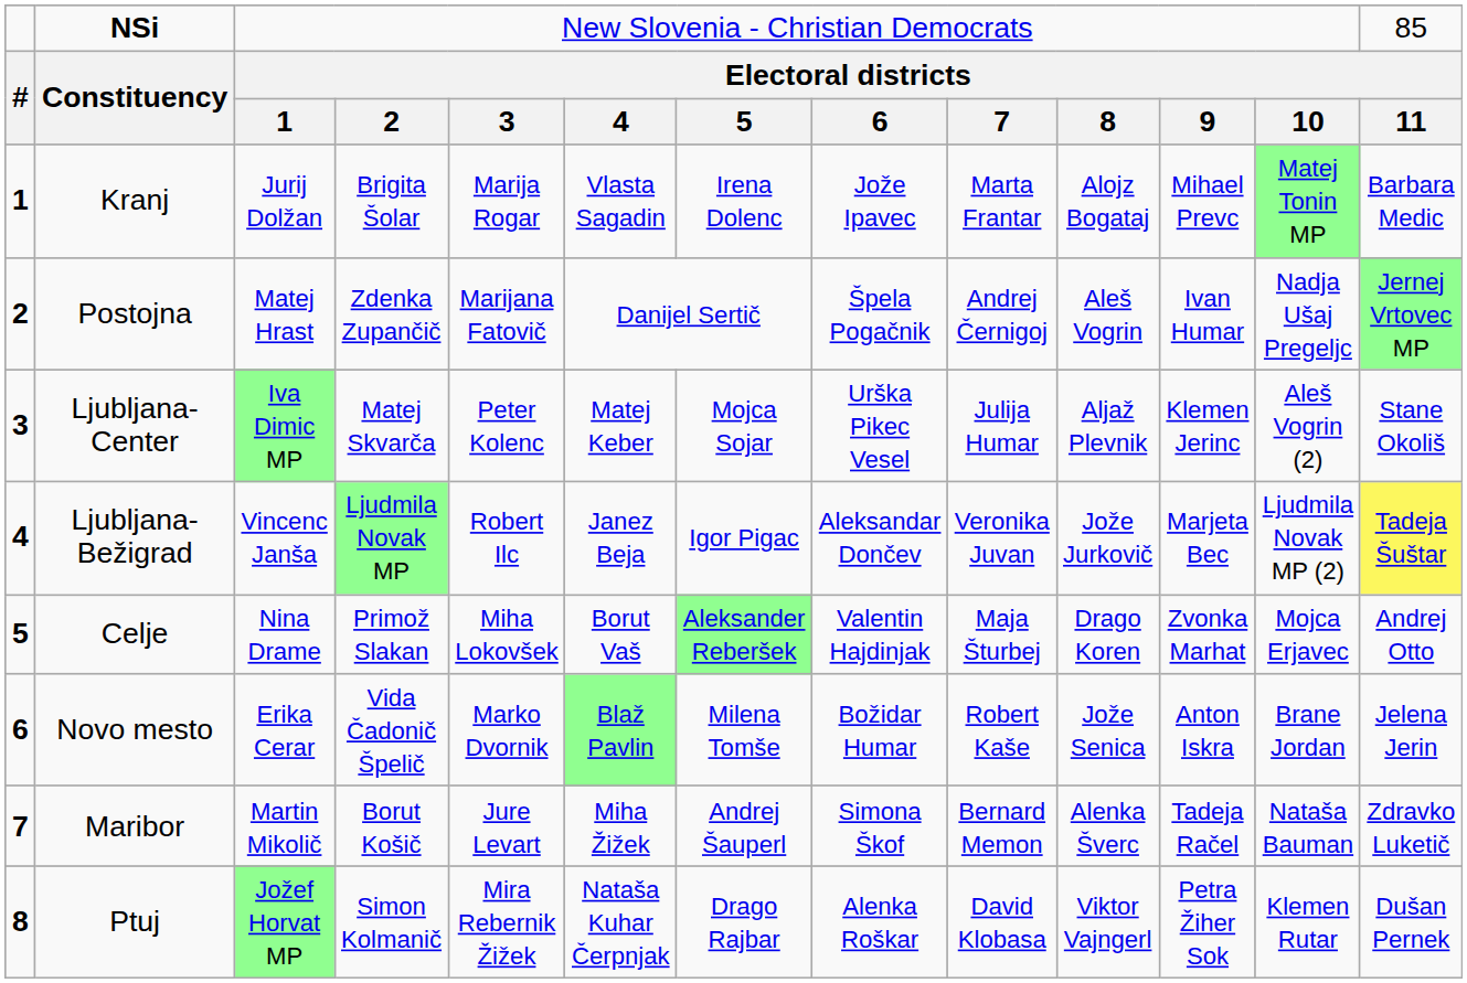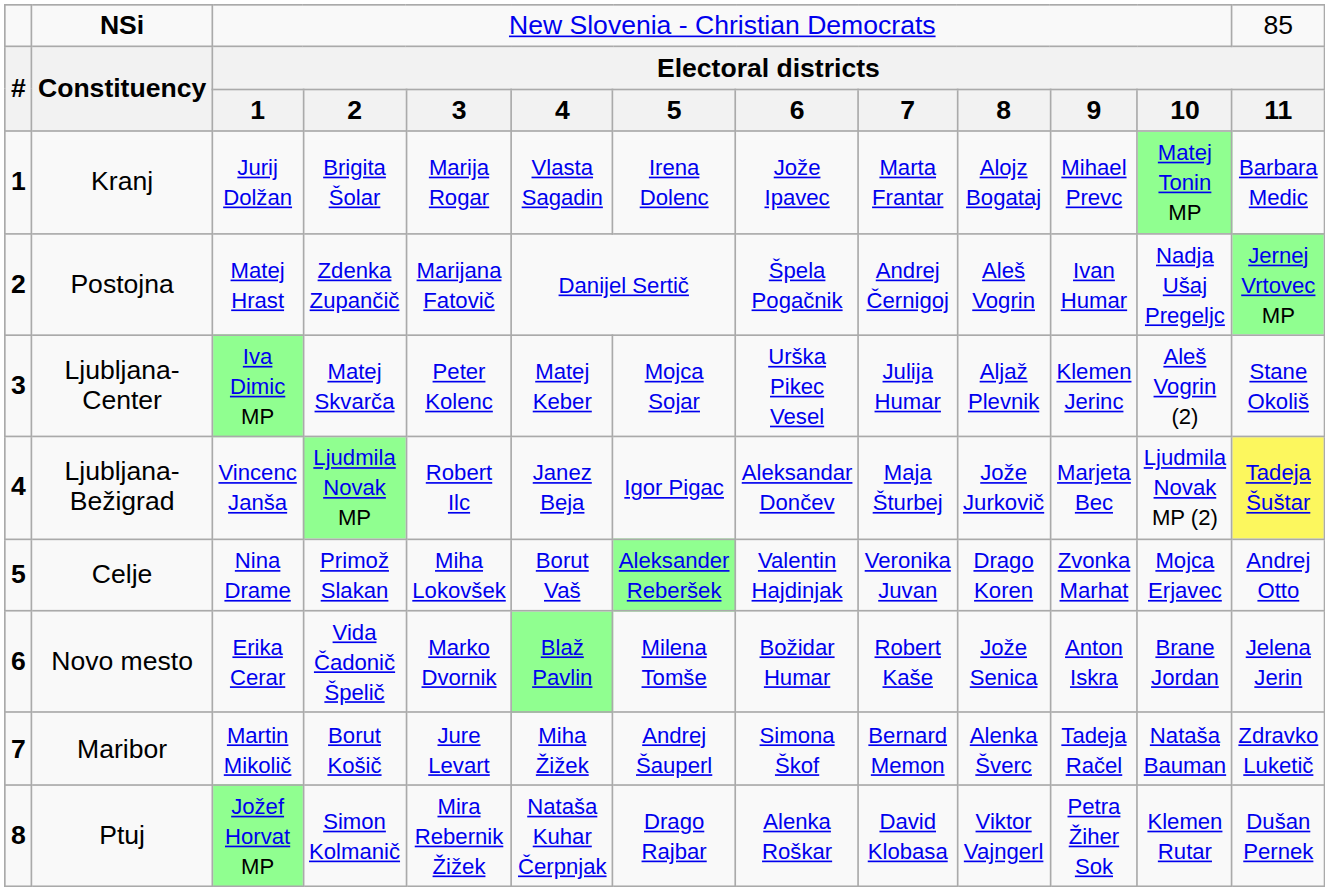 <table class="wikitable" style="text-align: center;">
 <tr>
 <td style="background:"></td>
 <td><strong>NSi</strong></td>
 <td colspan="10"><a href='#'>New Slovenia - Christian Democrats</a><br></td>
 <td>85<br></td>
 </tr>
 <tr>
 <th rowspan="2">#</th>
 <th rowspan="2">Constituency</th>
 <th colspan="11">Electoral districts</th>
 </tr>
 <tr>
 <th>1</th>
 <th>2</th>
 <th>3</th>
 <th>4</th>
 <th>5</th>
 <th>6</th>
 <th>7</th>
 <th>8</th>
 <th>9</th>
 <th>10</th>
 <th>11</th>
 </tr>
 <tr>
 <td style="text-align:center;"><strong>1</strong></td>
 <td>Kranj</td>
 <td><a href='#'><small>Jurij Dolžan</small></a></td>
 <td><a href='#'><small>Brigita Šolar</small></a></td>
 <td><a href='#'><small>Marija Rogar</small></a></td>
 <td><a href='#'><small>Vlasta Sagadin</small></a></td>
 <td><a href='#'><small>Irena Dolenc</small></a></td>
 <td><a href='#'><small>Jože Ipavec</small></a></td>
 <td><a href='#'><small>Marta Frantar</small></a></td>
 <td><a href='#'><small>Alojz Bogataj</small></a></td>
 <td><a href='#'><small>Mihael Prevc</small></a></td>
 <td style="background:#90FF90;"><small><a href='#'>Matej Tonin</a> MP</small></td>
 <td><a href='#'><small>Barbara Medic</small></a></td>
 </tr>
 <tr>
 <td style="text-align:center;"><strong>2</strong></td>
 <td>Postojna</td>
 <td><a href='#'><small>Matej Hrast</small></a></td>
 <td><a href='#'><small>Zdenka Zupančič</small></a></td>
 <td><a href='#'><small>Marijana Fatovič</small></a></td>
 <td colspan="2"><a href='#'><small>Danijel Sertič</small></a></td>
 <td><a href='#'><small>Špela Pogačnik</small></a></td>
 <td><a href='#'><small>Andrej Černigoj</small></a></td>
 <td><a href='#'><small>Aleš Vogrin</small></a></td>
 <td><a href='#'><small>Ivan Humar</small></a></td>
 <td><a href='#'><small>Nadja Ušaj Pregeljc</small></a></td>
 <td style="background:#90FF90;"><small><a href='#'>Jernej Vrtovec</a> MP</small></td>
 </tr>
 <tr>
 <td style="text-align:center;"><strong>3</strong></td>
 <td>Ljubljana-Center</td>
 <td style="background:#90FF90;"><small><a href='#'>Iva Dimic</a> MP</small></td>
 <td><a href='#'><small>Matej Skvarča</small></a></td>
 <td><a href='#'><small>Peter Kolenc</small></a></td>
 <td><a href='#'><small>Matej Keber</small></a></td>
 <td><a href='#'><small>Mojca Sojar</small></a></td>
 <td><a href='#'><small>Urška Pikec Vesel</small></a></td>
 <td><a href='#'><small>Julija Humar</small></a></td>
 <td><a href='#'><small>Aljaž Plevnik</small></a></td>
 <td><a href='#'><small>Klemen Jerinc</small></a></td>
 <td><a href='#'><small>Aleš Vogrin</small></a> <small>(2)</small></td>
 <td><a href='#'><small>Stane Okoliš</small></a></td>
 </tr>
 <tr>
 <td style="text-align:center;"><strong>4</strong></td>
 <td>Ljubljana-Bežigrad</td>
 <td><a href='#'><small>Vincenc Janša</small></a></td>
 <td style="background:#90FF90;"><small><a href='#'>Ljudmila Novak</a> MP</small></td>
 <td><a href='#'><small>Robert Ilc</small></a></td>
 <td><a href='#'><small>Janez Beja</small></a></td>
 <td><a href='#'><small>Igor Pigac</small></a></td>
 <td><a href='#'><small>Aleksandar Dončev</small></a></td>
-<td><a href='#'><small>Veronika Juvan</small></a></td>
+<td><a href='#'><small>Maja Šturbej</small></a></td>
 <td><a href='#'><small>Jože Jurkovič</small></a></td>
 <td><a href='#'><small>Marjeta Bec</small></a></td>
 <td><small><a href='#'>Ljudmila Novak</a> MP (2)</small></td>
 <td style="background:#FCF75E;"><a href='#'><small>Tadeja Šuštar</small></a></td>
 </tr>
 <tr>
 <td style="text-align:center;"><strong>5</strong></td>
 <td>Celje</td>
 <td><a href='#'><small>Nina Drame</small></a></td>
 <td><a href='#'><small>Primož Slakan</small></a></td>
 <td><a href='#'><small>Miha Lokovšek</small></a></td>
 <td><a href='#'><small>Borut Vaš</small></a></td>
 <td style="background:#90FF90;"><a href='#'><small>Aleksander Reberšek</small></a></td>
 <td><a href='#'><small>Valentin Hajdinjak</small></a></td>
-<td><a href='#'><small>Maja Šturbej</small></a></td>
+<td><a href='#'><small>Veronika Juvan</small></a></td>
 <td><a href='#'><small>Drago Koren</small></a></td>
 <td><a href='#'><small>Zvonka Marhat</small></a></td>
 <td><a href='#'><small>Mojca Erjavec</small></a></td>
 <td><a href='#'><small>Andrej Otto</small></a></td>
 </tr>
 <tr>
 <td style="text-align:center;"><strong>6</strong></td>
 <td>Novo mesto</td>
 <td><a href='#'><small>Erika Cerar</small></a></td>
 <td><a href='#'><small>Vida Čadonič Špelič</small></a></td>
 <td><a href='#'><small>Marko Dvornik</small></a></td>
 <td style="background:#90FF90;"><a href='#'><small>Blaž Pavlin</small></a></td>
 <td><a href='#'><small>Milena Tomše</small></a></td>
 <td><a href='#'><small>Božidar Humar</small></a></td>
 <td><a href='#'><small>Robert Kaše</small></a></td>
 <td><a href='#'><small>Jože Senica</small></a></td>
 <td><a href='#'><small>Anton Iskra</small></a></td>
 <td><a href='#'><small>Brane Jordan</small></a></td>
 <td><a href='#'><small>Jelena Jerin</small></a></td>
 </tr>
 <tr>
 <td style="text-align:center;"><strong>7</strong></td>
 <td>Maribor</td>
 <td><a href='#'><small>Martin Mikolič</small></a></td>
 <td><a href='#'><small>Borut Košič</small></a></td>
 <td><a href='#'><small>Jure Levart</small></a></td>
 <td><a href='#'><small>Miha Žižek</small></a></td>
 <td><a href='#'><small>Andrej Šauperl</small></a></td>
 <td><a href='#'><small>Simona Škof</small></a></td>
 <td><a href='#'><small>Bernard Memon</small></a></td>
 <td><a href='#'><small>Alenka Šverc</small></a></td>
 <td><a href='#'><small>Tadeja Račel</small></a></td>
 <td><a href='#'><small>Nataša Bauman</small></a></td>
 <td><a href='#'><small>Zdravko Luketič</small></a></td>
 </tr>
 <tr>
 <td style="text-align:center;"><strong>8</strong></td>
 <td>Ptuj</td>
 <td style="background:#90FF90;"><small><a href='#'>Jožef Horvat</a> MP</small></td>
 <td><a href='#'><small>Simon Kolmanič</small></a></td>
 <td><a href='#'><small>Mira Rebernik Žižek</small></a></td>
 <td><a href='#'><small>Nataša Kuhar Čerpnjak</small></a></td>
 <td><a href='#'><small>Drago Rajbar</small></a></td>
 <td><a href='#'><small>Alenka Roškar</small></a></td>
 <td><a href='#'><small>David Klobasa</small></a></td>
 <td><a href='#'><small>Viktor Vajngerl</small></a></td>
 <td><a href='#'><small>Petra Žiher Sok</small></a></td>
 <td><a href='#'><small>Klemen Rutar</small></a></td>
 <td><a href='#'><small>Dušan Pernek</small></a></td>
 </tr>
 </table>
